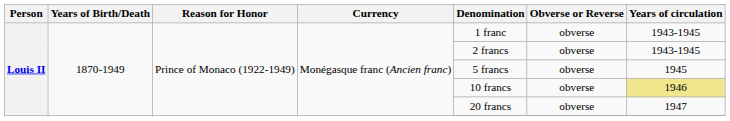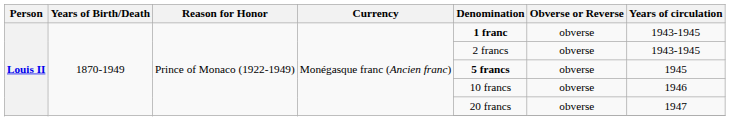 <table class="wikitable" style="font-size:95%; text-align:center;">
 <tr>
 <th>Person</th>
 <th>Years of Birth/Death</th>
 <th>Reason for Honor</th>
 <th>Currency</th>
 <th>Denomination</th>
 <th>Obverse or Reverse</th>
 <th>Years of circulation</th>
 </tr>
 <tr>
 <th rowspan="7"><a href='#'>Louis II</a></th>
 <td rowspan="7">1870-1949</td>
 <td rowspan="7">Prince of Monaco (1922-1949)</td>
 <td rowspan="7">Monégasque franc (<em>Ancien franc</em>)</td>
-<td>1 franc</td>
+<td><strong>1 franc</strong></td>
 <td>obverse</td>
 <td>1943-1945</td>
 </tr>
 <tr>
 <td>2 francs</td>
 <td>obverse</td>
 <td>1943-1945</td>
 </tr>
 <tr>
-<td>5 francs</td>
+<td><strong>5 francs</strong></td>
 <td>obverse</td>
 <td>1945</td>
 </tr>
 <tr>
 <td>10 francs</td>
 <td>obverse</td>
-<td style="background: khaki;">1946</td>
+<td>1946</td>
 </tr>
 <tr>
 <td>20 francs</td>
 <td>obverse</td>
 <td>1947</td>
 </tr>
 <tr>
 </tr>
 </table>
